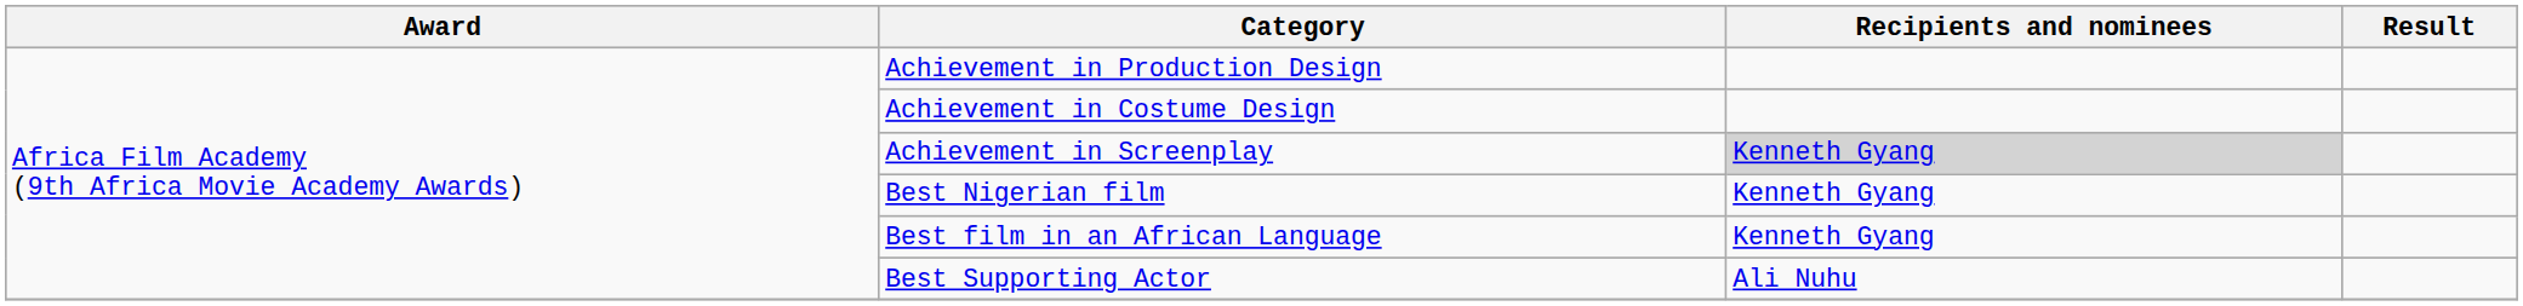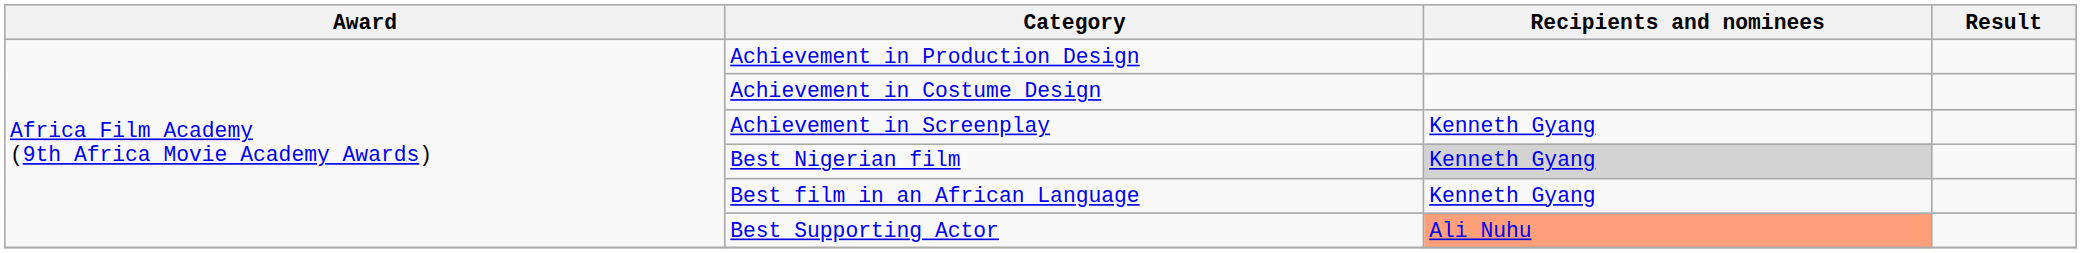 <table class="wikitable sortable" style="width:100%">
 <tr>
 <th>Award</th>
 <th>Category</th>
 <th>Recipients and nominees</th>
 <th>Result</th>
 </tr>
 <tr>
 <td rowspan=6><a href='#'>Africa Film Academy</a> <br> (<a href='#'>9th Africa Movie Academy Awards</a>)</td>
 <td><a href='#'>Achievement in Production Design</a></td>
 <td></td>
 <td></td>
 </tr>
 <tr>
 <td><a href='#'>Achievement in Costume Design</a></td>
 <td></td>
 <td></td>
 </tr>
 <tr>
 <td><a href='#'>Achievement in Screenplay</a></td>
-<td style="background: lightgrey;"><a href='#'>Kenneth Gyang</a></td>
+<td><a href='#'>Kenneth Gyang</a></td>
 <td></td>
 </tr>
 <tr>
 <td><a href='#'>Best Nigerian film</a></td>
-<td><a href='#'>Kenneth Gyang</a></td>
+<td style="background: lightgrey;"><a href='#'>Kenneth Gyang</a></td>
 <td></td>
 </tr>
 <tr>
 <td><a href='#'>Best film in an African Language</a></td>
 <td><a href='#'>Kenneth Gyang</a></td>
 <td></td>
 </tr>
 <tr>
 <td><a href='#'>Best Supporting Actor</a></td>
-<td><a href='#'>Ali Nuhu</a></td>
+<td style="background: lightsalmon;"><a href='#'>Ali Nuhu</a></td>
 <td></td>
 </tr>
 <tr>
 </tr>
 </table>
